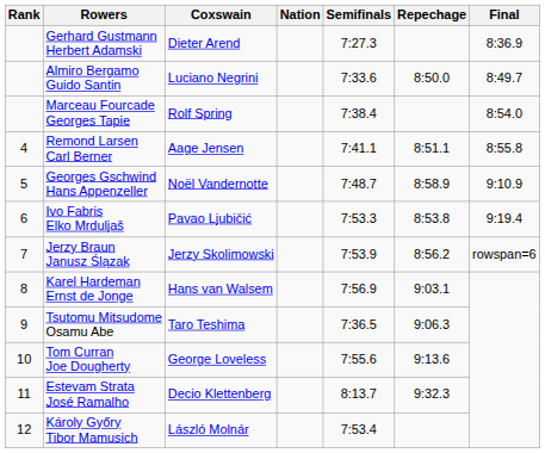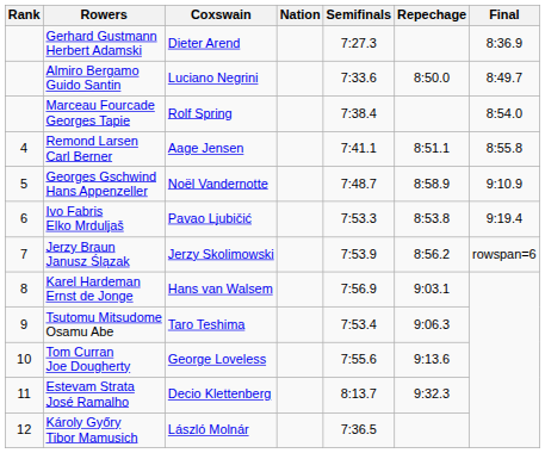 <table class="wikitable sortable" style="text-align:center">
 <tr>
 <th>Rank</th>
 <th>Rowers</th>
 <th>Coxswain</th>
 <th>Nation</th>
 <th>Semifinals</th>
 <th>Repechage</th>
 <th>Final</th>
 </tr>
 <tr>
 <td></td>
 <td align=left><a href='#'>Gerhard Gustmann</a><br><a href='#'>Herbert Adamski</a></td>
 <td align=left><a href='#'>Dieter Arend</a></td>
 <td align=left></td>
 <td>7:27.3</td>
 <td></td>
 <td>8:36.9</td>
 </tr>
 <tr>
 <td></td>
 <td align=left><a href='#'>Almiro Bergamo</a><br><a href='#'>Guido Santin</a></td>
 <td align=left><a href='#'>Luciano Negrini</a></td>
 <td align=left></td>
 <td>7:33.6</td>
 <td>8:50.0</td>
 <td>8:49.7</td>
 </tr>
 <tr>
 <td></td>
 <td align=left><a href='#'>Marceau Fourcade</a><br><a href='#'>Georges Tapie</a></td>
 <td align=left><a href='#'>Rolf Spring</a></td>
 <td align=left></td>
 <td>7:38.4</td>
 <td></td>
 <td>8:54.0</td>
 </tr>
 <tr>
 <td>4</td>
 <td align=left><a href='#'>Remond Larsen</a><br><a href='#'>Carl Berner</a></td>
 <td align=left><a href='#'>Aage Jensen</a></td>
 <td align=left></td>
 <td>7:41.1</td>
 <td>8:51.1</td>
 <td>8:55.8</td>
 </tr>
 <tr>
 <td>5</td>
 <td align=left><a href='#'>Georges Gschwind</a><br><a href='#'>Hans Appenzeller</a></td>
 <td align=left><a href='#'>Noël Vandernotte</a></td>
 <td align=left></td>
 <td>7:48.7</td>
 <td>8:58.9</td>
 <td>9:10.9</td>
 </tr>
 <tr>
 <td>6</td>
 <td align=left><a href='#'>Ivo Fabris</a><br><a href='#'>Elko Mrduljaš</a></td>
 <td align=left><a href='#'>Pavao Ljubičić</a></td>
 <td align=left></td>
 <td>7:53.3</td>
 <td>8:53.8</td>
 <td>9:19.4</td>
 </tr>
 <tr>
 <td>7</td>
 <td align=left><a href='#'>Jerzy Braun</a><br><a href='#'>Janusz Ślązak</a></td>
 <td align=left><a href='#'>Jerzy Skolimowski</a></td>
 <td align=left></td>
 <td>7:53.9</td>
 <td>8:56.2</td>
 <td>rowspan=6 </td>
 </tr>
 <tr>
 <td>8</td>
 <td align=left><a href='#'>Karel Hardeman</a><br><a href='#'>Ernst de Jonge</a></td>
 <td align=left><a href='#'>Hans van Walsem</a></td>
 <td align=left></td>
 <td>7:56.9</td>
 <td>9:03.1</td>
 </tr>
 <tr>
 <td>9</td>
 <td align=left><a href='#'>Tsutomu Mitsudome</a><br>Osamu Abe</td>
 <td align=left><a href='#'>Taro Teshima</a></td>
 <td align=left></td>
-<td>7:36.5</td>
+<td>7:53.4</td>
 <td>9:06.3</td>
 </tr>
 <tr>
 <td>10</td>
 <td align=left><a href='#'>Tom Curran</a><br><a href='#'>Joe Dougherty</a></td>
 <td align=left><a href='#'>George Loveless</a></td>
 <td align=left></td>
 <td>7:55.6</td>
 <td>9:13.6</td>
 </tr>
 <tr>
 <td>11</td>
 <td align=left><a href='#'>Estevam Strata</a><br><a href='#'>José Ramalho</a></td>
 <td align=left><a href='#'>Decio Klettenberg</a></td>
 <td align=left></td>
 <td>8:13.7</td>
 <td>9:32.3</td>
 </tr>
 <tr>
 <td>12</td>
 <td align=left><a href='#'>Károly Győry</a><br><a href='#'>Tibor Mamusich</a></td>
 <td align=left><a href='#'>László Molnár</a></td>
 <td align=left></td>
-<td>7:53.4</td>
+<td>7:36.5</td>
 <td data-sort-value=9:99.9></td>
 </tr>
 </table>
